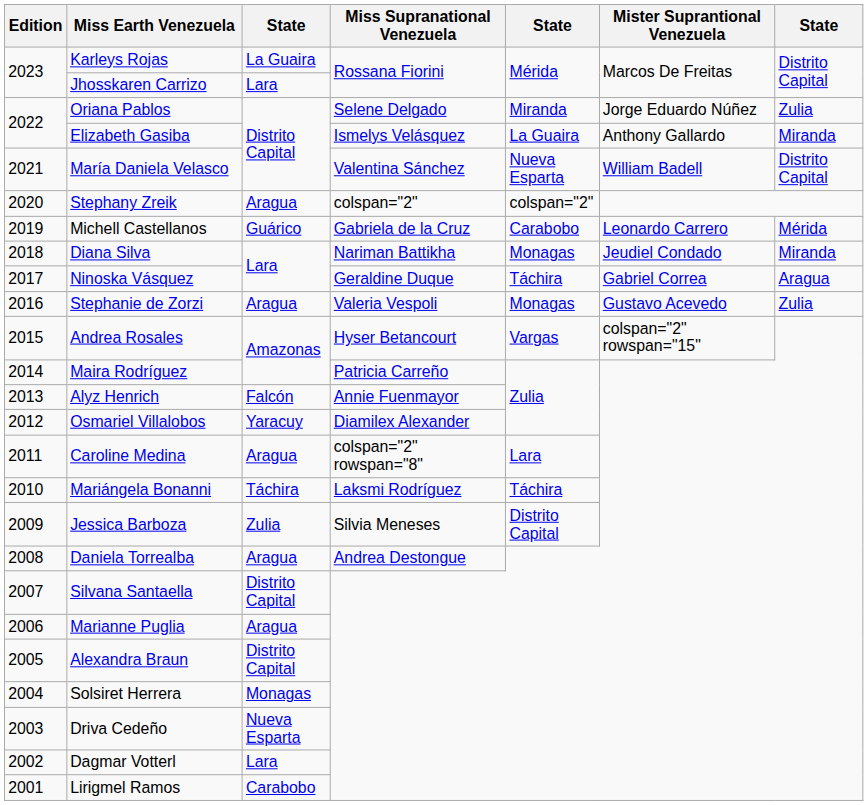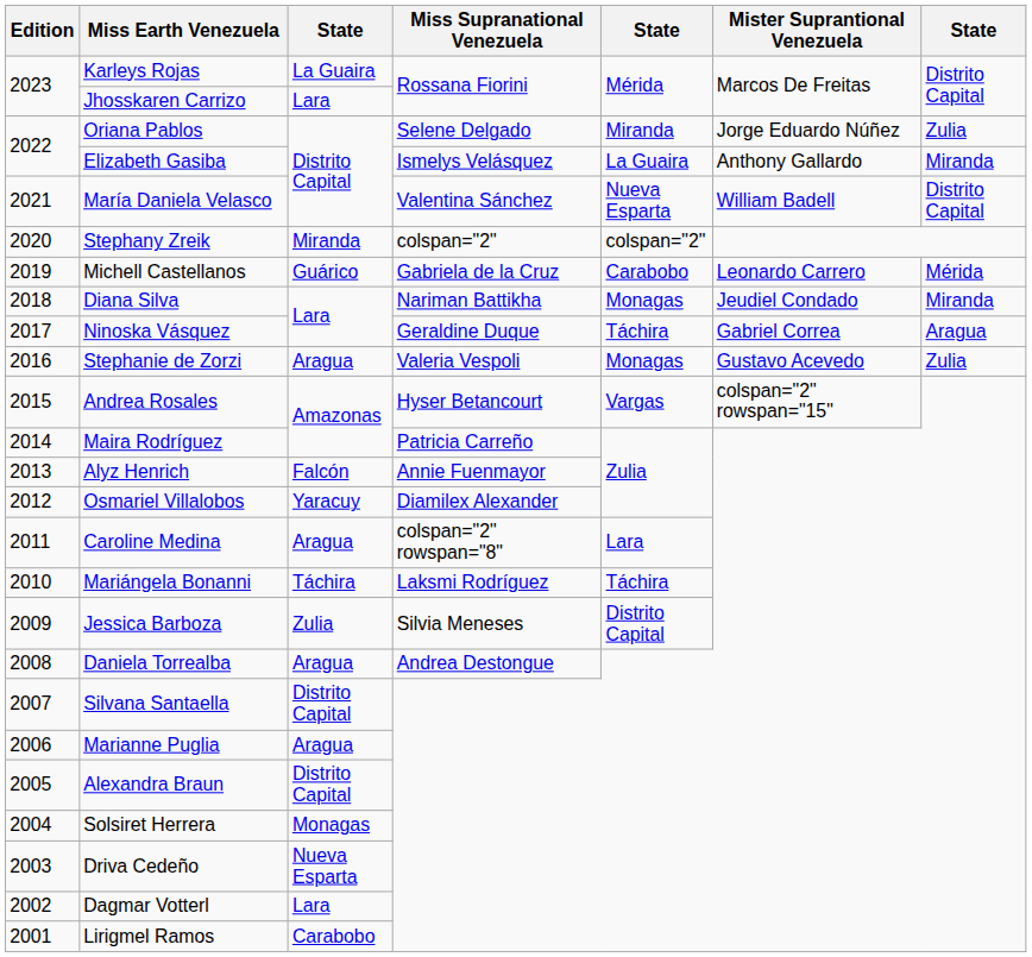 <table class="wikitable" font-size: 95%;">
 <tr>
 <th width="5%">Edition</th>
 <th width="20%">Miss Earth Venezuela</th>
 <th width="10%">State</th>
 <th width="20%">Miss Supranational Venezuela</th>
 <th width="10%">State</th>
 <th width="20%">Mister Suprantional Venezuela</th>
 <th width="10%">State</th>
 </tr>
 <tr>
 <td rowspan="2">2023</td>
 <td><a href='#'>Karleys Rojas</a></td>
 <td><a href='#'>La Guaira</a></td>
 <td rowspan="2"><a href='#'>Rossana Fiorini</a></td>
 <td rowspan="2"><a href='#'>Mérida</a></td>
 <td rowspan="2">Marcos De Freitas</td>
 <td rowspan="2"><a href='#'>Distrito Capital</a></td>
 </tr>
 <tr>
 <td><a href='#'>Jhosskaren Carrizo</a></td>
 <td><a href='#'>Lara</a></td>
 </tr>
 <tr>
 <td rowspan="2">2022</td>
 <td><a href='#'>Oriana Pablos</a></td>
 <td rowspan="3"><a href='#'>Distrito Capital</a></td>
 <td><a href='#'>Selene Delgado</a></td>
 <td><a href='#'>Miranda</a></td>
 <td>Jorge Eduardo Núñez</td>
 <td><a href='#'>Zulia</a></td>
 </tr>
 <tr>
 <td><a href='#'>Elizabeth Gasiba</a></td>
 <td><a href='#'>Ismelys Velásquez</a></td>
 <td><a href='#'>La Guaira</a></td>
 <td>Anthony Gallardo</td>
 <td><a href='#'>Miranda</a></td>
 </tr>
 <tr>
 <td>2021</td>
 <td><a href='#'>María Daniela Velasco</a></td>
 <td><a href='#'>Valentina Sánchez</a></td>
 <td><a href='#'>Nueva Esparta</a></td>
 <td><a href='#'>William Badell</a></td>
 <td><a href='#'>Distrito Capital</a></td>
 </tr>
 <tr>
 <td>2020</td>
 <td><a href='#'>Stephany Zreik</a></td>
-<td><a href='#'>Aragua</a></td>
+<td><a href='#'>Miranda</a></td>
 <td>colspan="2" </td>
 <td>colspan="2" </td>
 </tr>
 <tr>
 <td>2019</td>
 <td>Michell Castellanos</td>
 <td><a href='#'>Guárico</a></td>
 <td><a href='#'>Gabriela de la Cruz</a></td>
 <td><a href='#'>Carabobo</a></td>
 <td><a href='#'>Leonardo Carrero</a></td>
 <td><a href='#'>Mérida</a></td>
 </tr>
 <tr>
 <td>2018</td>
 <td><a href='#'>Diana Silva</a></td>
 <td rowspan="2"><a href='#'>Lara</a></td>
 <td><a href='#'>Nariman Battikha</a></td>
 <td><a href='#'>Monagas</a></td>
 <td><a href='#'>Jeudiel Condado</a></td>
 <td><a href='#'>Miranda</a></td>
 </tr>
 <tr>
 <td>2017</td>
 <td><a href='#'>Ninoska Vásquez</a></td>
 <td><a href='#'>Geraldine Duque</a></td>
 <td><a href='#'>Táchira</a></td>
 <td><a href='#'>Gabriel Correa</a></td>
 <td><a href='#'>Aragua</a></td>
 </tr>
 <tr>
 <td>2016</td>
 <td><a href='#'>Stephanie de Zorzi</a></td>
 <td><a href='#'>Aragua</a></td>
 <td><a href='#'>Valeria Vespoli</a></td>
 <td><a href='#'>Monagas</a></td>
 <td><a href='#'>Gustavo Acevedo</a></td>
 <td><a href='#'>Zulia</a></td>
 </tr>
 <tr>
 <td>2015</td>
 <td><a href='#'>Andrea Rosales</a></td>
 <td rowspan="2"><a href='#'>Amazonas</a></td>
 <td><a href='#'>Hyser Betancourt</a></td>
 <td><a href='#'>Vargas</a></td>
 <td>colspan="2" rowspan="15" </td>
 </tr>
 <tr>
 <td>2014</td>
 <td><a href='#'>Maira Rodríguez</a></td>
 <td><a href='#'>Patricia Carreño</a></td>
 <td rowspan="3"><a href='#'>Zulia</a></td>
 </tr>
 <tr>
 <td>2013</td>
 <td><a href='#'>Alyz Henrich</a></td>
 <td><a href='#'>Falcón</a></td>
 <td><a href='#'>Annie Fuenmayor</a></td>
 </tr>
 <tr>
 <td>2012</td>
 <td><a href='#'>Osmariel Villalobos</a></td>
 <td><a href='#'>Yaracuy</a></td>
 <td><a href='#'>Diamilex Alexander</a></td>
 </tr>
 <tr>
 <td>2011</td>
 <td><a href='#'>Caroline Medina</a></td>
 <td><a href='#'>Aragua</a></td>
 <td>colspan="2" rowspan="8" </td>
 <td><a href='#'>Lara</a></td>
 </tr>
 <tr>
 <td>2010</td>
 <td><a href='#'>Mariángela Bonanni</a></td>
 <td><a href='#'>Táchira</a></td>
 <td><a href='#'>Laksmi Rodríguez</a></td>
 <td><a href='#'>Táchira</a></td>
 </tr>
 <tr>
 <td>2009</td>
 <td><a href='#'>Jessica Barboza</a></td>
 <td><a href='#'>Zulia</a></td>
 <td>Silvia Meneses</td>
 <td><a href='#'>Distrito Capital</a></td>
 </tr>
 <tr>
 <td>2008</td>
 <td><a href='#'>Daniela Torrealba</a></td>
 <td><a href='#'>Aragua</a></td>
 <td><a href='#'>Andrea Destongue</a></td>
 </tr>
 <tr>
 <td>2007</td>
 <td><a href='#'>Silvana Santaella</a></td>
 <td><a href='#'>Distrito Capital</a></td>
 </tr>
 <tr>
 <td>2006</td>
 <td><a href='#'>Marianne Puglia</a></td>
 <td><a href='#'>Aragua</a></td>
 </tr>
 <tr>
 <td>2005</td>
 <td><a href='#'>Alexandra Braun</a></td>
 <td><a href='#'>Distrito Capital</a></td>
 </tr>
 <tr>
 <td>2004</td>
 <td>Solsiret Herrera</td>
 <td><a href='#'>Monagas</a></td>
 </tr>
 <tr>
 <td>2003</td>
 <td>Driva Cedeño</td>
 <td><a href='#'>Nueva Esparta</a></td>
 </tr>
 <tr>
 <td>2002</td>
 <td>Dagmar Votterl</td>
 <td><a href='#'>Lara</a></td>
 </tr>
 <tr>
 <td>2001</td>
 <td>Lirigmel Ramos</td>
 <td><a href='#'>Carabobo</a></td>
 </tr>
 </table>
